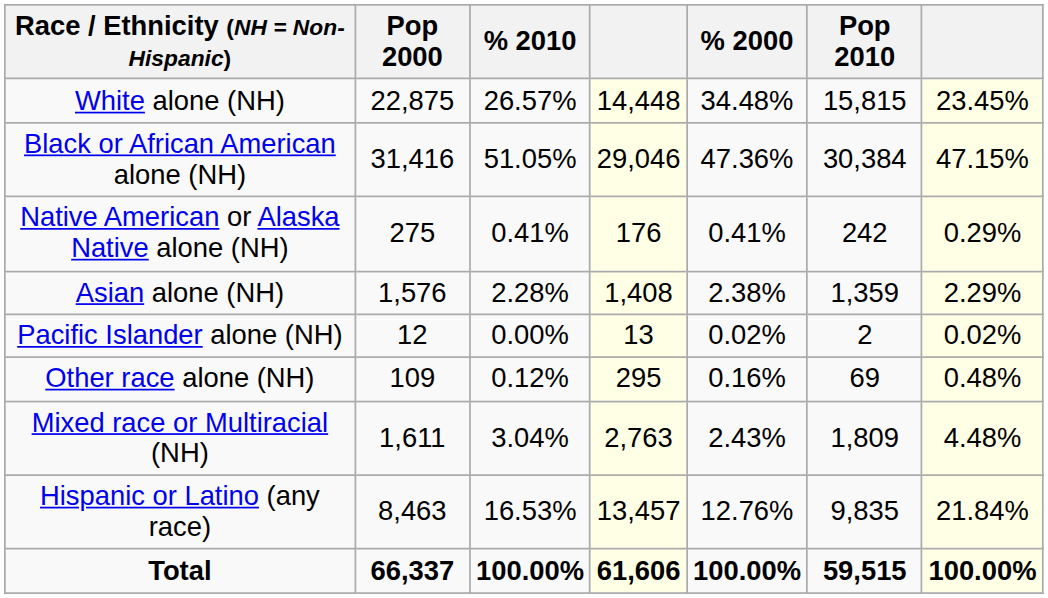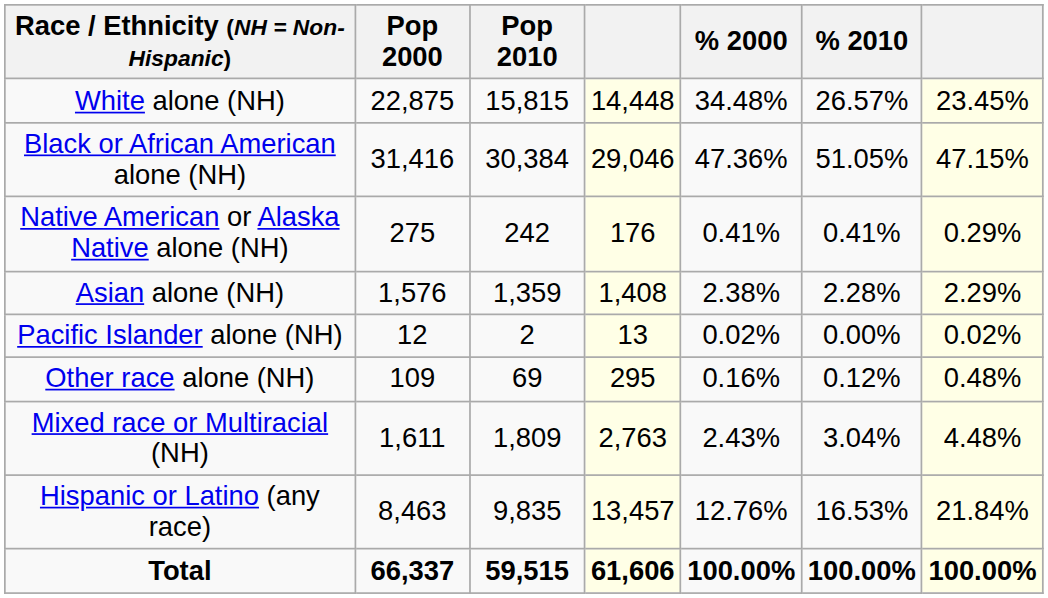 <table class="wikitable" style="text-align:center;">
 <tr>
 <th>Race / Ethnicity <small>(<em>NH = Non-Hispanic</em>)</small></th>
 <th>Pop 2000</th>
-<th>% 2010</th>
+<th>Pop 2010</th>
 <th></th>
 <th>% 2000</th>
-<th>Pop 2010</th>
+<th>% 2010</th>
 <th></th>
 </tr>
 <tr>
 <td><a href='#'>White</a> alone (NH)</td>
 <td>22,875</td>
-<td>26.57%</td>
+<td>15,815</td>
 <td style='background: #ffffe6;'>14,448</td>
 <td>34.48%</td>
-<td>15,815</td>
+<td>26.57%</td>
 <td style='background: #ffffe6;'>23.45%</td>
 </tr>
 <tr>
 <td><a href='#'>Black or African American</a> alone (NH)</td>
 <td>31,416</td>
-<td>51.05%</td>
+<td>30,384</td>
 <td style='background: #ffffe6;'>29,046</td>
 <td>47.36%</td>
-<td>30,384</td>
+<td>51.05%</td>
 <td style='background: #ffffe6;'>47.15%</td>
 </tr>
 <tr>
 <td><a href='#'>Native American</a> or <a href='#'>Alaska Native</a> alone (NH)</td>
 <td>275</td>
-<td>0.41%</td>
+<td>242</td>
 <td style='background: #ffffe6;'>176</td>
 <td>0.41%</td>
-<td>242</td>
+<td>0.41%</td>
 <td style='background: #ffffe6;'>0.29%</td>
 </tr>
 <tr>
 <td><a href='#'>Asian</a> alone (NH)</td>
 <td>1,576</td>
-<td>2.28%</td>
+<td>1,359</td>
 <td style='background: #ffffe6;'>1,408</td>
 <td>2.38%</td>
-<td>1,359</td>
+<td>2.28%</td>
 <td style='background: #ffffe6;'>2.29%</td>
 </tr>
 <tr>
 <td><a href='#'>Pacific Islander</a> alone (NH)</td>
 <td>12</td>
-<td>0.00%</td>
+<td>2</td>
 <td style='background: #ffffe6;'>13</td>
 <td>0.02%</td>
-<td>2</td>
+<td>0.00%</td>
 <td style='background: #ffffe6;'>0.02%</td>
 </tr>
 <tr>
 <td><a href='#'>Other race</a> alone (NH)</td>
 <td>109</td>
-<td>0.12%</td>
+<td>69</td>
 <td style='background: #ffffe6;'>295</td>
 <td>0.16%</td>
-<td>69</td>
+<td>0.12%</td>
 <td style='background: #ffffe6;'>0.48%</td>
 </tr>
 <tr>
 <td><a href='#'>Mixed race or Multiracial</a> (NH)</td>
 <td>1,611</td>
-<td>3.04%</td>
+<td>1,809</td>
 <td style='background: #ffffe6;'>2,763</td>
 <td>2.43%</td>
-<td>1,809</td>
+<td>3.04%</td>
 <td style='background: #ffffe6;'>4.48%</td>
 </tr>
 <tr>
 <td><a href='#'>Hispanic or Latino</a> (any race)</td>
 <td>8,463</td>
-<td>16.53%</td>
+<td>9,835</td>
 <td style='background: #ffffe6;'>13,457</td>
 <td>12.76%</td>
-<td>9,835</td>
+<td>16.53%</td>
 <td style='background: #ffffe6;'>21.84%</td>
 </tr>
 <tr>
 <td><strong>Total</strong></td>
 <td><strong>66,337</strong></td>
-<td><strong>100.00%</strong></td>
+<td><strong>59,515</strong></td>
 <td style='background: #ffffe6;'><strong>61,606</strong></td>
 <td><strong>100.00%</strong></td>
-<td><strong>59,515</strong></td>
+<td><strong>100.00%</strong></td>
 <td style='background: #ffffe6;'><strong>100.00%</strong></td>
 </tr>
 </table>
